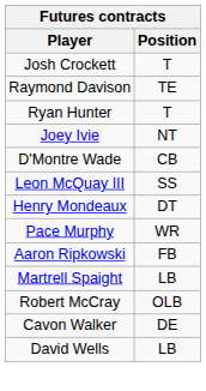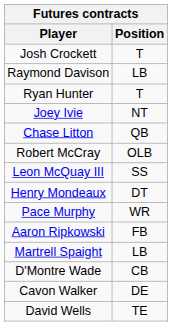 <table class="wikitable" style="text-align:center">
 <tr>
 <th colspan=2>Futures contracts</th>
 </tr>
 <tr>
 <th>Player</th>
 <th>Position</th>
 </tr>
 <tr>
 <td>Josh Crockett</td>
 <td>T</td>
 </tr>
 <tr>
 <td>Raymond Davison</td>
-<td>TE</td>
+<td>LB</td>
 </tr>
 <tr>
 <td>Ryan Hunter</td>
 <td>T</td>
 </tr>
 <tr>
 <td><a href='#'>Joey Ivie</a></td>
 <td>NT</td>
 </tr>
 <tr>
-<td>D'Montre Wade</td>
-<td>CB</td>
+<td><a href='#'>Chase Litton</a></td>
+<td>QB</td>
+</tr>
+<tr>
+<td>Robert McCray</td>
+<td>OLB</td>
 </tr>
 <tr>
 <td><a href='#'>Leon McQuay III</a></td>
 <td>SS</td>
 </tr>
 <tr>
 <td><a href='#'>Henry Mondeaux</a></td>
 <td>DT</td>
 </tr>
 <tr>
 <td><a href='#'>Pace Murphy</a></td>
 <td>WR</td>
 </tr>
 <tr>
 <td><a href='#'>Aaron Ripkowski</a></td>
 <td>FB</td>
 </tr>
 <tr>
 <td><a href='#'>Martrell Spaight</a></td>
 <td>LB</td>
 </tr>
 <tr>
-<td>Robert McCray</td>
-<td>OLB</td>
+<td>D'Montre Wade</td>
+<td>CB</td>
 </tr>
 <tr>
 <td>Cavon Walker</td>
 <td>DE</td>
 </tr>
 <tr>
 <td>David Wells</td>
-<td>LB</td>
+<td>TE</td>
 </tr>
 </table>
